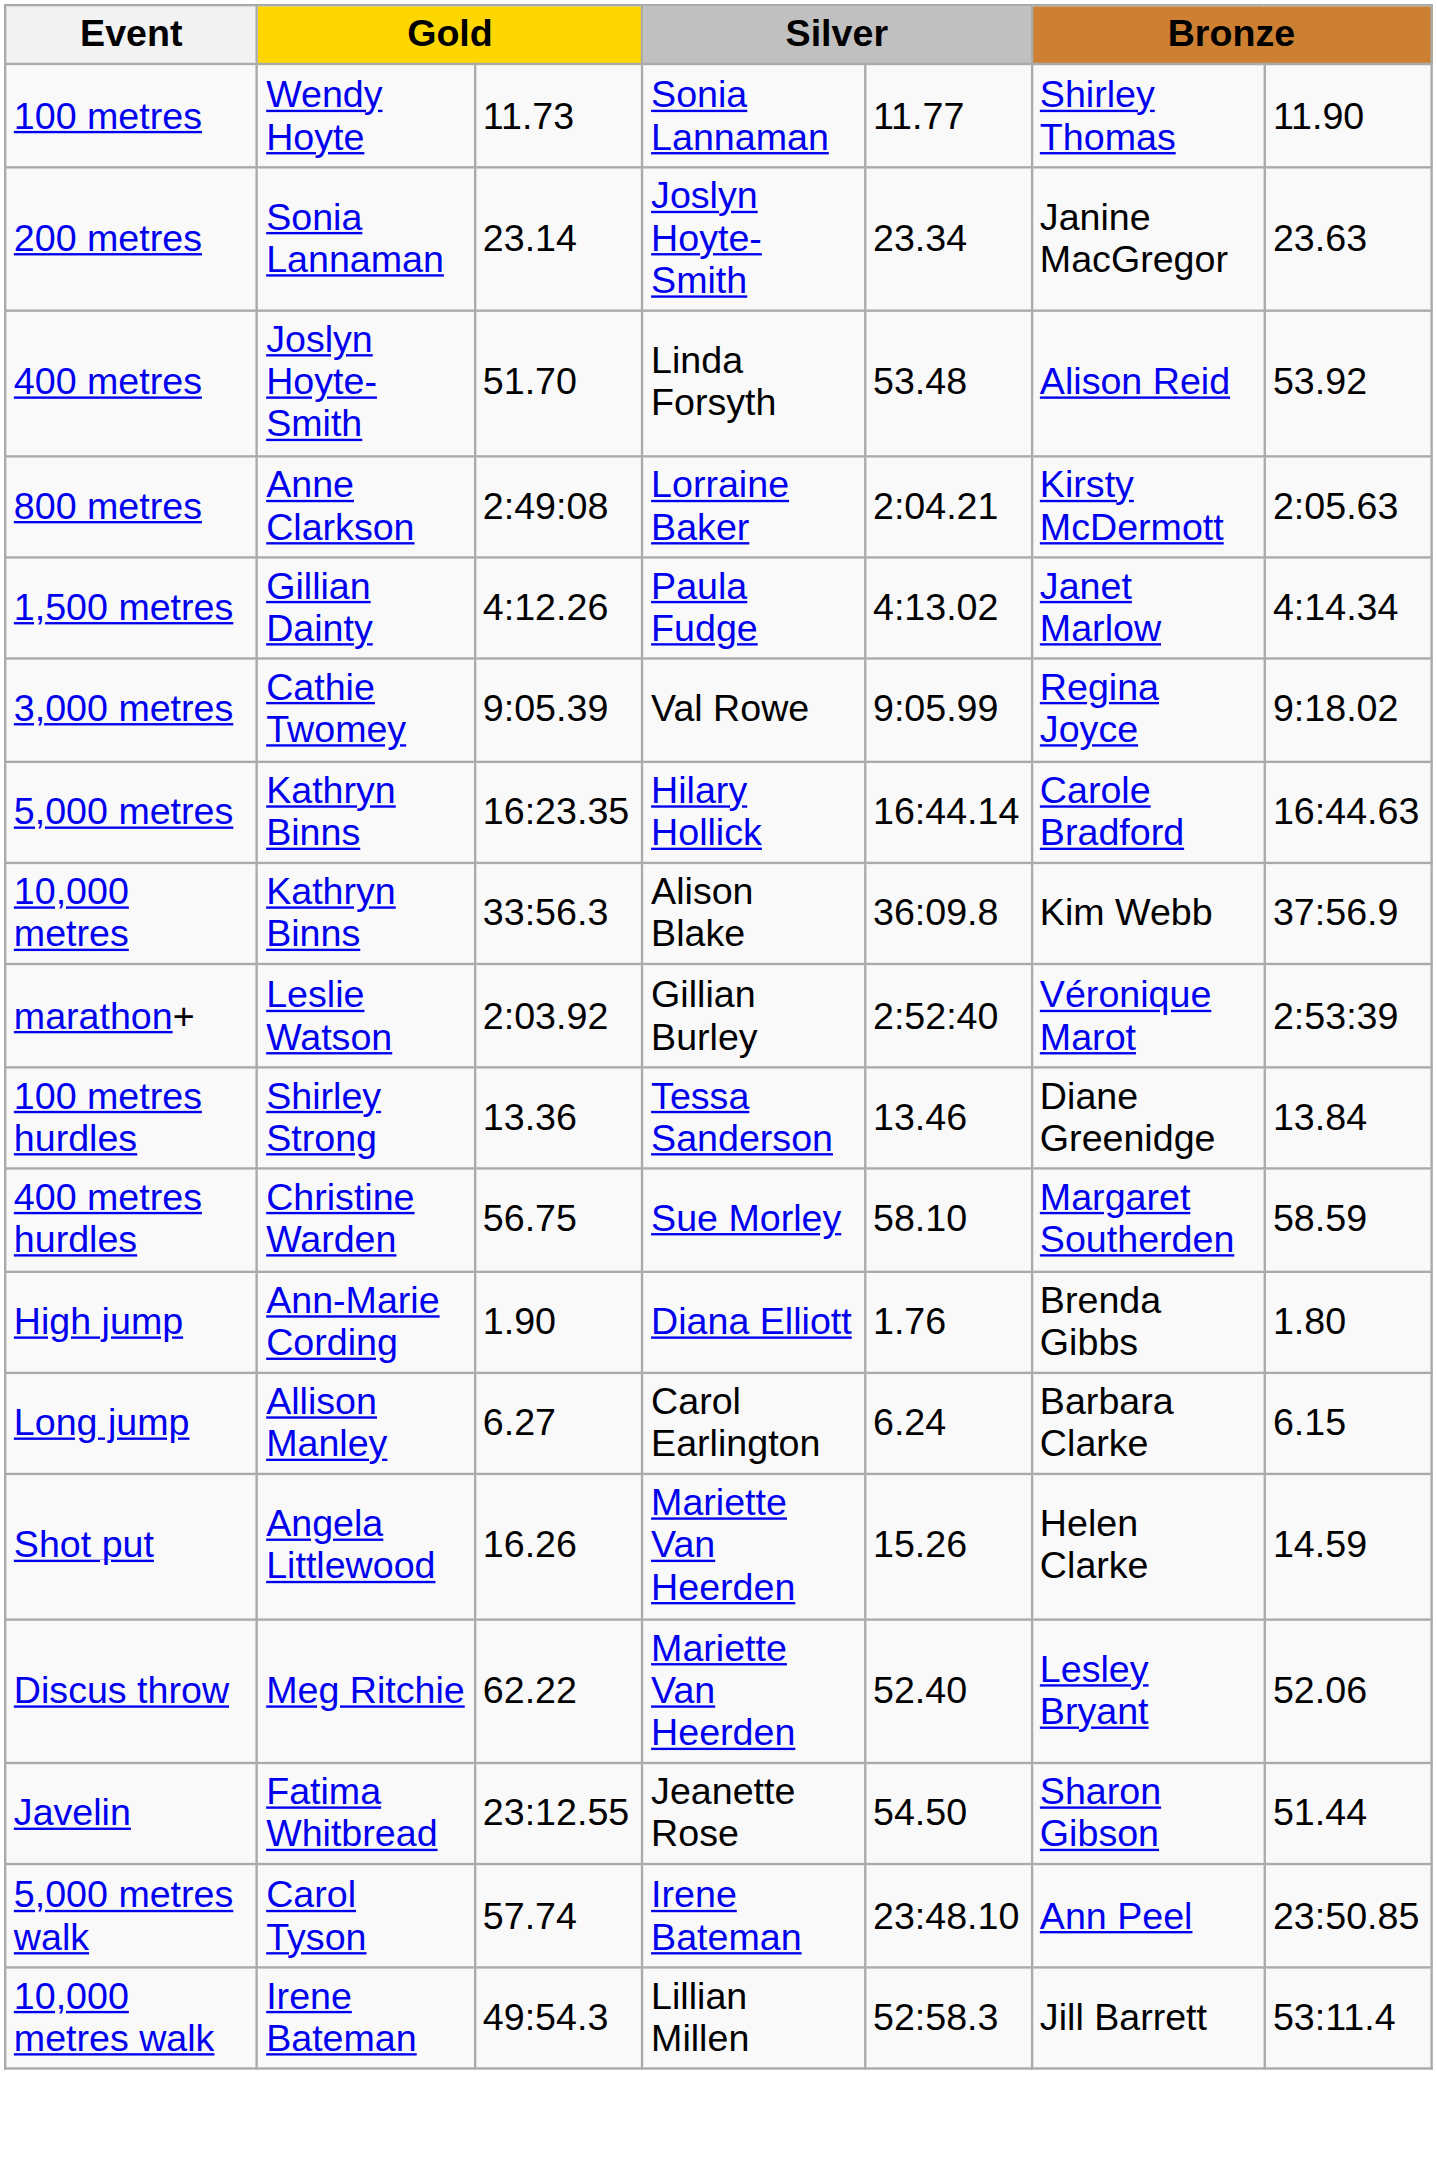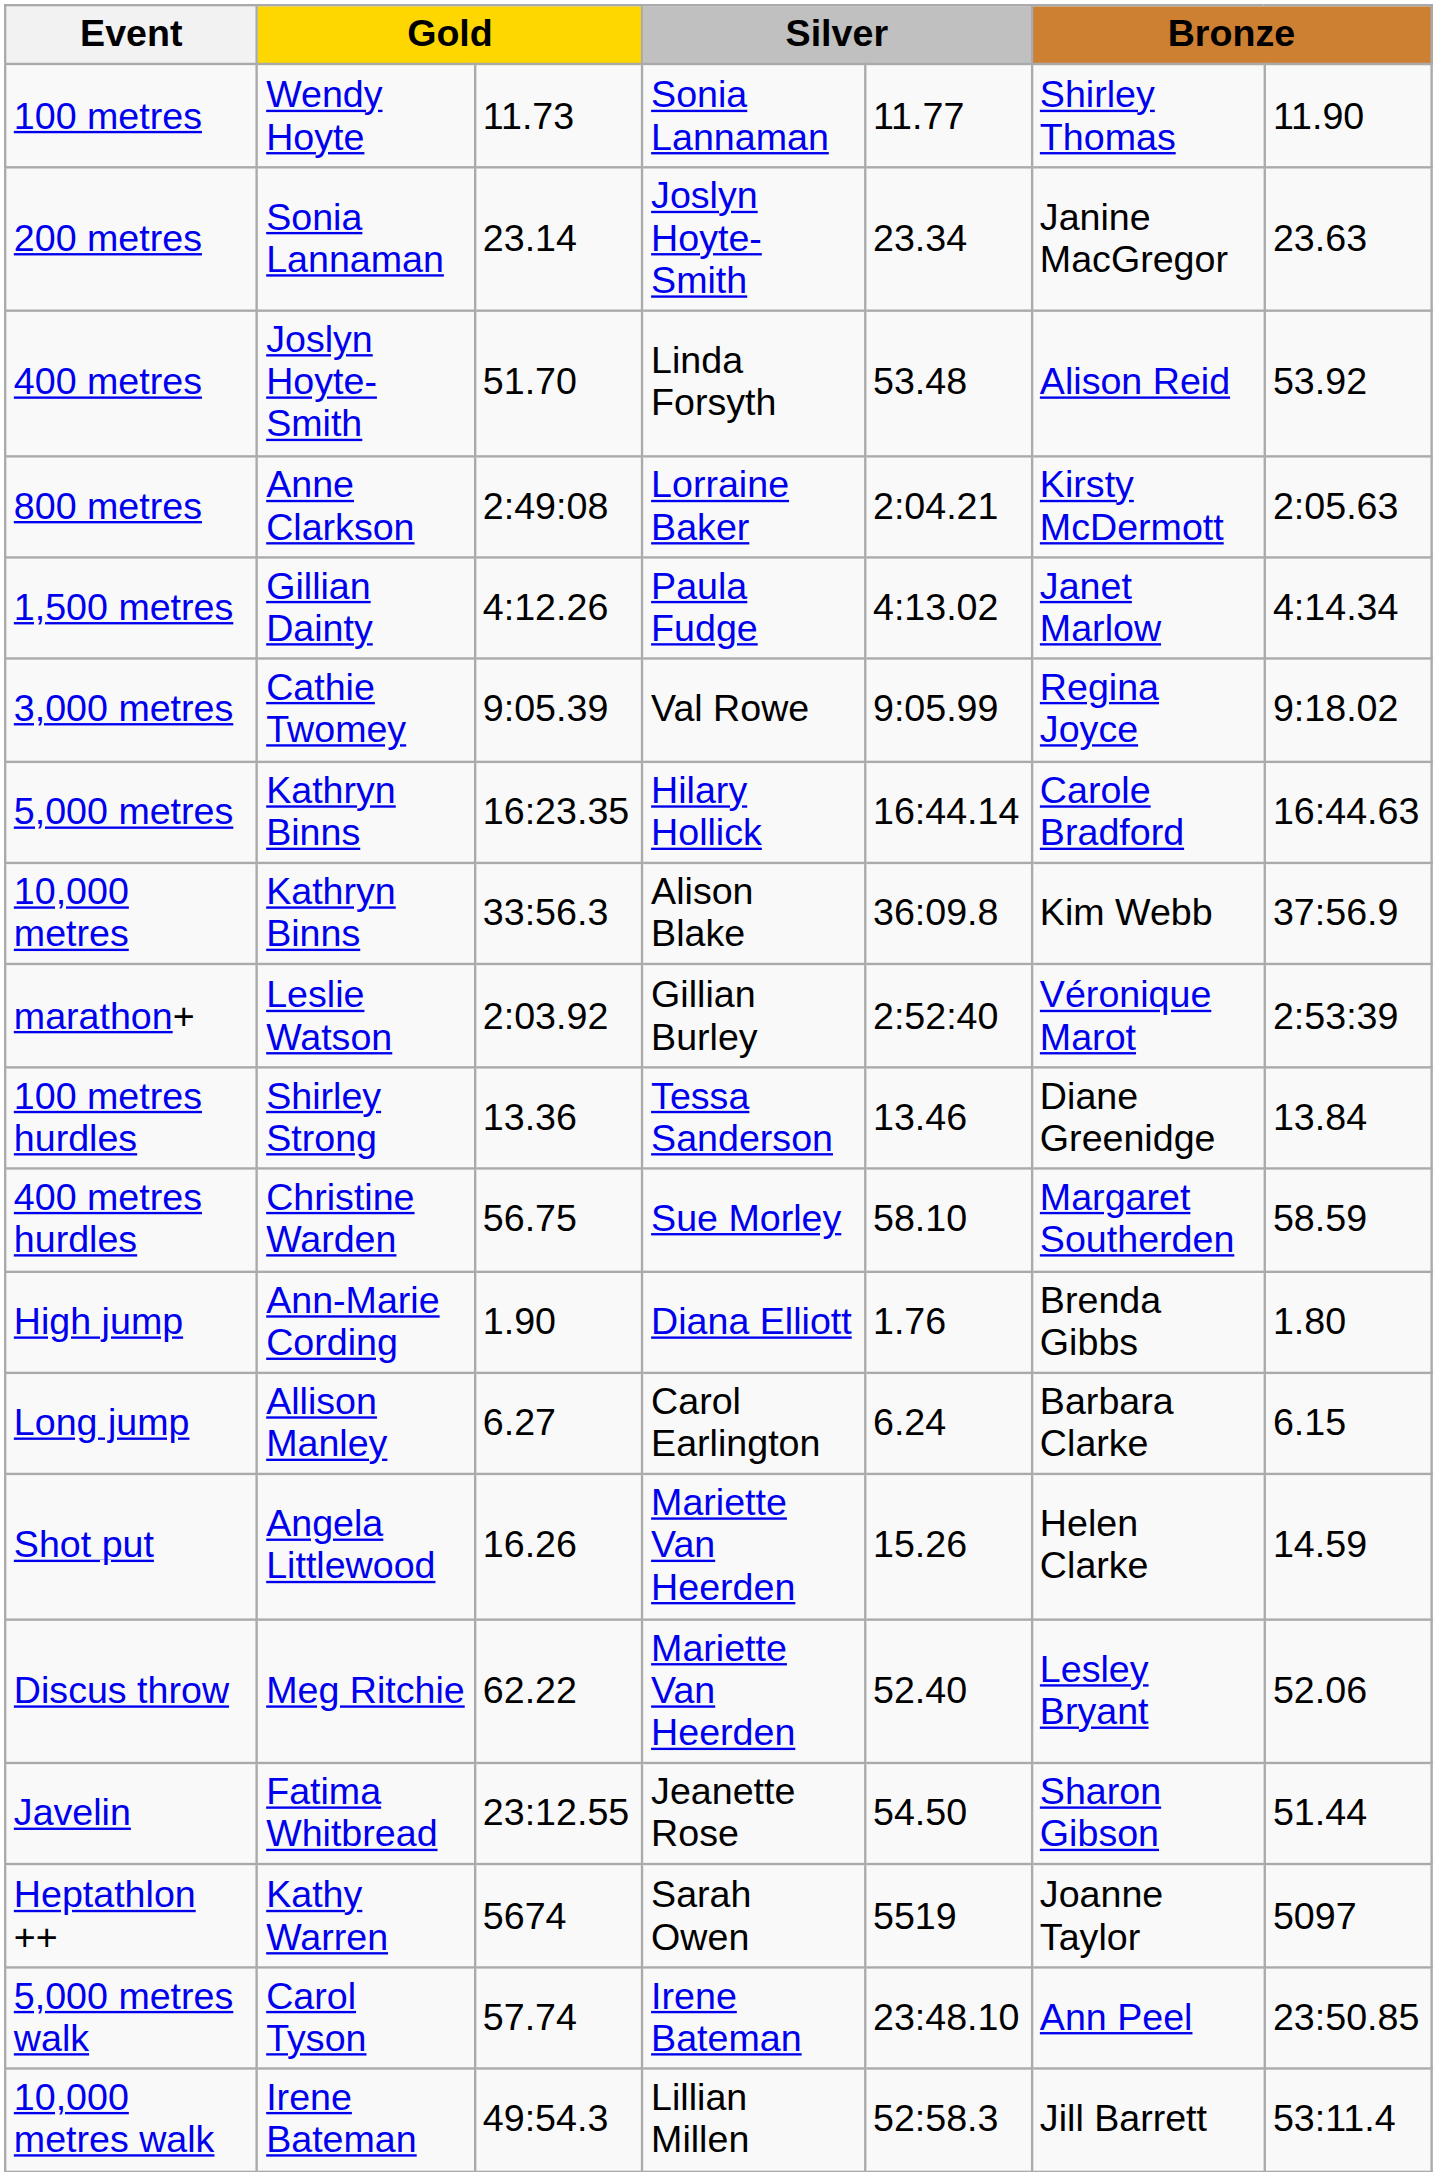 <table class="wikitable" style="text-align:left">
 <tr>
 <th width=100>Event</th>
 <th colspan="2" width="280" style="background:gold;">Gold</th>
 <th colspan="2" width="280" style="background:silver;">Silver</th>
 <th colspan="2" width="280" style="background:#CD7F32;">Bronze</th>
 </tr>
 <tr>
 <td><a href='#'>100 metres</a></td>
 <td><a href='#'>Wendy Hoyte</a></td>
 <td>11.73</td>
 <td><a href='#'>Sonia Lannaman</a></td>
 <td>11.77</td>
 <td><a href='#'>Shirley Thomas</a></td>
 <td>11.90</td>
 </tr>
 <tr>
 <td><a href='#'>200 metres</a></td>
 <td><a href='#'>Sonia Lannaman</a></td>
 <td>23.14</td>
 <td><a href='#'>Joslyn Hoyte-Smith</a></td>
 <td>23.34</td>
 <td>Janine MacGregor</td>
 <td>23.63</td>
 </tr>
 <tr>
 <td><a href='#'>400 metres</a></td>
 <td><a href='#'>Joslyn Hoyte-Smith</a></td>
 <td>51.70</td>
 <td>Linda Forsyth</td>
 <td>53.48</td>
 <td> <a href='#'>Alison Reid</a></td>
 <td>53.92</td>
 </tr>
 <tr>
 <td><a href='#'>800 metres</a></td>
 <td> <a href='#'>Anne Clarkson</a></td>
 <td>2:49:08</td>
 <td><a href='#'>Lorraine Baker</a></td>
 <td>2:04.21</td>
 <td> <a href='#'>Kirsty McDermott</a></td>
 <td>2:05.63</td>
 </tr>
 <tr>
 <td><a href='#'>1,500 metres</a></td>
 <td><a href='#'>Gillian Dainty</a></td>
 <td>4:12.26</td>
 <td><a href='#'>Paula Fudge</a></td>
 <td>4:13.02</td>
 <td><a href='#'>Janet Marlow</a></td>
 <td>4:14.34</td>
 </tr>
 <tr>
 <td><a href='#'>3,000 metres</a></td>
 <td> <a href='#'>Cathie Twomey</a></td>
 <td>9:05.39</td>
 <td>Val Rowe</td>
 <td>9:05.99</td>
 <td> <a href='#'>Regina Joyce</a></td>
 <td>9:18.02</td>
 </tr>
 <tr>
 <td><a href='#'>5,000 metres</a></td>
 <td><a href='#'>Kathryn Binns</a></td>
 <td>16:23.35</td>
 <td> <a href='#'>Hilary Hollick</a></td>
 <td>16:44.14</td>
 <td><a href='#'>Carole Bradford</a></td>
 <td>16:44.63</td>
 </tr>
 <tr>
 <td><a href='#'>10,000 metres</a></td>
 <td><a href='#'>Kathryn Binns</a></td>
 <td>33:56.3</td>
 <td>Alison Blake</td>
 <td>36:09.8</td>
 <td>Kim Webb</td>
 <td>37:56.9</td>
 </tr>
 <tr>
 <td><a href='#'>marathon</a>+</td>
 <td> <a href='#'>Leslie Watson</a></td>
 <td>2:03.92</td>
 <td>Gillian Burley</td>
 <td>2:52:40</td>
 <td><a href='#'>Véronique Marot</a></td>
 <td>2:53:39</td>
 </tr>
 <tr>
 <td><a href='#'>100 metres hurdles</a></td>
 <td><a href='#'>Shirley Strong</a></td>
 <td>13.36</td>
 <td><a href='#'>Tessa Sanderson</a></td>
 <td>13.46</td>
 <td>Diane Greenidge</td>
 <td>13.84</td>
 </tr>
 <tr>
 <td><a href='#'>400 metres hurdles</a></td>
 <td><a href='#'>Christine Warden</a></td>
 <td>56.75</td>
 <td><a href='#'>Sue Morley</a></td>
 <td>58.10</td>
 <td> <a href='#'>Margaret Southerden</a></td>
 <td>58.59</td>
 </tr>
 <tr>
 <td><a href='#'>High jump</a></td>
 <td><a href='#'>Ann-Marie Cording</a></td>
 <td>1.90</td>
 <td><a href='#'>Diana Elliott</a></td>
 <td>1.76</td>
 <td>Brenda Gibbs</td>
 <td>1.80</td>
 </tr>
 <tr>
 <td><a href='#'>Long jump</a></td>
 <td><a href='#'>Allison Manley</a></td>
 <td>6.27</td>
 <td>Carol Earlington</td>
 <td>6.24</td>
 <td>Barbara Clarke</td>
 <td>6.15</td>
 </tr>
 <tr>
 <td><a href='#'>Shot put</a></td>
 <td><a href='#'>Angela Littlewood</a></td>
 <td>16.26</td>
 <td> <a href='#'>Mariette Van Heerden</a></td>
 <td>15.26</td>
 <td>Helen Clarke</td>
 <td>14.59</td>
 </tr>
 <tr>
 <td><a href='#'>Discus throw</a></td>
 <td> <a href='#'>Meg Ritchie</a></td>
 <td>62.22</td>
 <td> <a href='#'>Mariette Van Heerden</a></td>
 <td>52.40</td>
 <td><a href='#'>Lesley Bryant</a></td>
 <td>52.06</td>
 </tr>
 <tr>
 <td><a href='#'>Javelin</a></td>
 <td><a href='#'>Fatima Whitbread</a></td>
 <td>23:12.55</td>
 <td>Jeanette Rose</td>
 <td>54.50</td>
 <td><a href='#'>Sharon Gibson</a></td>
 <td>51.44</td>
 </tr>
 <tr>
+<td><a href='#'>Heptathlon</a> ++</td>
+<td><a href='#'>Kathy Warren</a></td>
+<td>5674</td>
+<td>Sarah Owen</td>
+<td>5519</td>
+<td>Joanne Taylor</td>
+<td>5097</td>
+</tr>
+<tr>
 <td><a href='#'>5,000 metres walk</a></td>
 <td><a href='#'>Carol Tyson</a></td>
 <td>57.74</td>
 <td><a href='#'>Irene Bateman</a></td>
 <td>23:48.10</td>
 <td> <a href='#'>Ann Peel</a></td>
 <td>23:50.85</td>
 </tr>
 <tr>
 <td><a href='#'>10,000 metres walk</a></td>
 <td><a href='#'>Irene Bateman</a></td>
 <td>49:54.3</td>
 <td>Lillian Millen</td>
 <td>52:58.3</td>
 <td>Jill Barrett</td>
 <td>53:11.4</td>
 </tr>
 </table>
